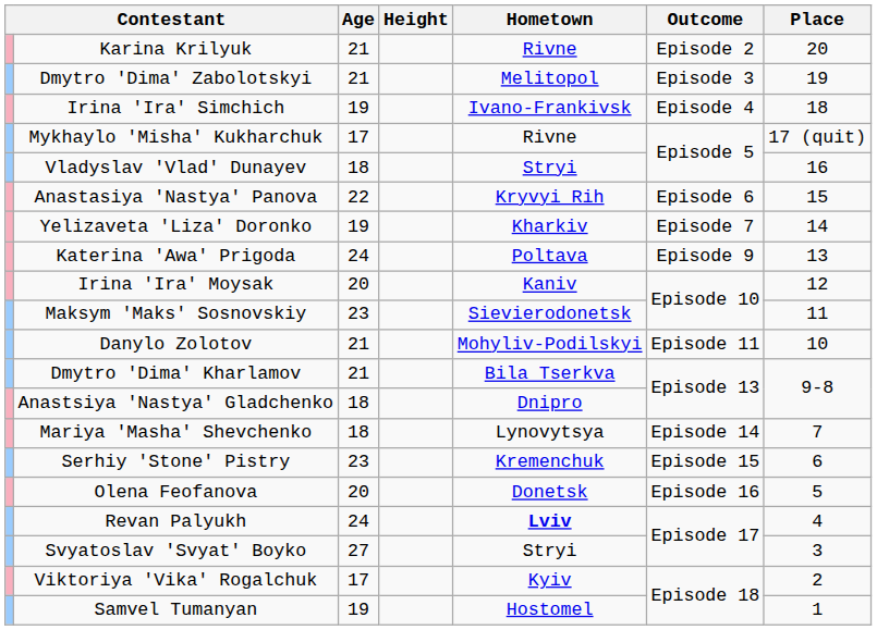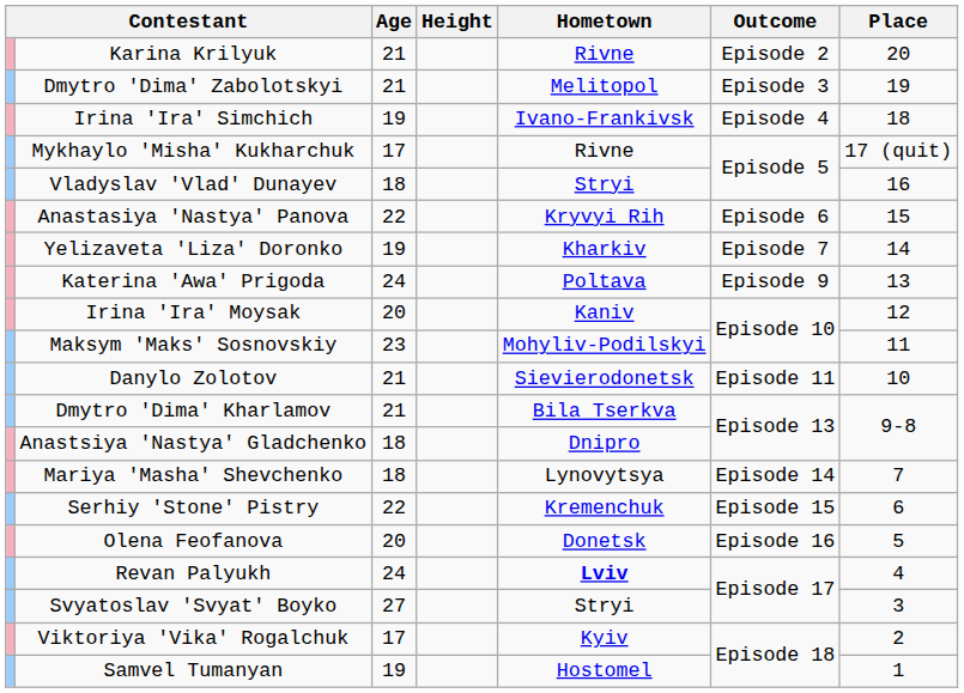 <table class="wikitable sortable" style="text-align:center;">
 <tr>
 <th colspan="2">Contestant</th>
 <th>Age</th>
 <th>Height</th>
 <th>Hometown</th>
 <th>Outcome</th>
 <th>Place</th>
 </tr>
 <tr>
 <td style="background:#faafbe"></td>
 <td>Karina Krilyuk</td>
 <td>21</td>
 <td></td>
 <td><a href='#'>Rivne</a></td>
 <td>Episode 2</td>
 <td>20</td>
 </tr>
 <tr>
 <td style="background:#9cf;"></td>
 <td>Dmytro 'Dima' Zabolotskyi</td>
 <td>21</td>
 <td></td>
 <td><a href='#'>Melitopol</a></td>
 <td>Episode 3</td>
 <td>19</td>
 </tr>
 <tr>
 <td style="background:#faafbe"></td>
 <td>Irina 'Ira' Simchich</td>
 <td>19</td>
 <td></td>
 <td><a href='#'>Ivano-Frankivsk</a></td>
 <td>Episode 4</td>
 <td>18</td>
 </tr>
 <tr>
 <td style="background:#9cf;"></td>
 <td>Mykhaylo 'Misha' Kukharchuk</td>
 <td>17</td>
 <td></td>
 <td>Rivne</td>
 <td rowspan="2">Episode 5</td>
 <td>17 (quit)</td>
 </tr>
 <tr>
 <td style="background:#9cf;"></td>
 <td>Vladyslav 'Vlad' Dunayev</td>
 <td>18</td>
 <td></td>
 <td><a href='#'>Stryi</a></td>
 <td>16</td>
 </tr>
 <tr>
 <td style="background:#faafbe"></td>
 <td>Anastasiya 'Nastya' Panova</td>
 <td>22</td>
 <td></td>
 <td><a href='#'>Kryvyi Rih</a></td>
 <td>Episode 6</td>
 <td>15</td>
 </tr>
 <tr>
 <td style="background:#faafbe"></td>
 <td>Yelizaveta 'Liza' Doronko</td>
 <td>19</td>
 <td></td>
 <td><a href='#'>Kharkiv</a></td>
 <td>Episode 7</td>
 <td>14</td>
 </tr>
 <tr>
 <td style="background:#faafbe"></td>
 <td>Katerina 'Awa' Prigoda</td>
 <td>24</td>
 <td></td>
 <td><a href='#'>Poltava</a></td>
 <td>Episode 9</td>
 <td>13</td>
 </tr>
 <tr>
 <td style="background:#faafbe"></td>
 <td>Irina 'Ira' Moysak</td>
 <td>20</td>
 <td></td>
 <td><a href='#'>Kaniv</a></td>
 <td rowspan="2">Episode 10</td>
 <td>12</td>
 </tr>
 <tr>
 <td style="background:#9cf;"></td>
 <td>Maksym 'Maks' Sosnovskiy</td>
 <td>23</td>
 <td></td>
-<td><a href='#'>Sievierodonetsk</a></td>
+<td><a href='#'>Mohyliv-Podilskyi</a></td>
 <td>11</td>
 </tr>
 <tr>
 <td style="background:#9cf;"></td>
 <td>Danylo Zolotov</td>
 <td>21</td>
 <td></td>
-<td><a href='#'>Mohyliv-Podilskyi</a></td>
+<td><a href='#'>Sievierodonetsk</a></td>
 <td>Episode 11</td>
 <td>10</td>
 </tr>
 <tr>
 <td style="background:#9cf;"></td>
 <td>Dmytro 'Dima' Kharlamov</td>
 <td>21</td>
 <td></td>
 <td><a href='#'>Bila Tserkva</a></td>
 <td rowspan="2">Episode 13</td>
 <td rowspan="2">9-8</td>
 </tr>
 <tr>
 <td style="background:#faafbe"></td>
 <td>Anastsiya 'Nastya' Gladchenko</td>
 <td>18</td>
 <td></td>
 <td><a href='#'>Dnipro</a></td>
 </tr>
 <tr>
 <td style="background:#faafbe"></td>
 <td>Mariya 'Masha' Shevchenko</td>
 <td>18</td>
 <td></td>
 <td>Lynovytsya</td>
 <td>Episode 14</td>
 <td>7</td>
 </tr>
 <tr>
 <td style="background:#9cf;"></td>
 <td>Serhiy 'Stone' Pistry</td>
-<td>23</td>
+<td>22</td>
 <td></td>
 <td><a href='#'>Kremenchuk</a></td>
 <td>Episode 15</td>
 <td>6</td>
 </tr>
 <tr>
 <td style="background:#faafbe"></td>
 <td>Olena Feofanova</td>
 <td>20</td>
 <td></td>
 <td><a href='#'>Donetsk</a></td>
 <td>Episode 16</td>
 <td>5</td>
 </tr>
 <tr>
 <td style="background:#9cf;"></td>
 <td>Revan Palyukh</td>
 <td>24</td>
 <td></td>
 <td><strong><a href='#'>Lviv</a></strong></td>
 <td rowspan="2">Episode 17</td>
 <td>4</td>
 </tr>
 <tr>
 <td style="background:#9cf;"></td>
 <td>Svyatoslav 'Svyat' Boyko</td>
 <td>27</td>
 <td></td>
 <td>Stryi</td>
 <td>3</td>
 </tr>
 <tr>
 <td style="background:#faafbe"></td>
 <td>Viktoriya 'Vika' Rogalchuk</td>
 <td>17</td>
 <td></td>
 <td><a href='#'>Kyiv</a></td>
 <td rowspan="2">Episode 18</td>
 <td>2</td>
 </tr>
 <tr>
 <td style="background:#9cf;"></td>
 <td>Samvel Tumanyan</td>
 <td>19</td>
 <td></td>
 <td><a href='#'>Hostomel</a></td>
 <td>1</td>
 </tr>
 </table>
